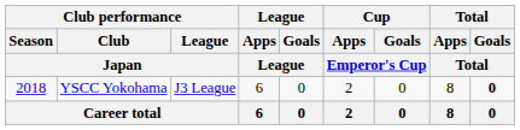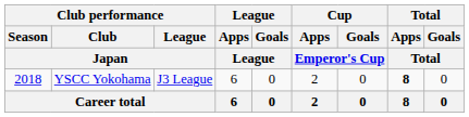 <table class="wikitable" style="text-align:center">
 <tr>
 <th colspan=3>Club performance</th>
 <th colspan=2>League</th>
 <th colspan=2>Cup</th>
 <th colspan=2>Total</th>
 </tr>
 <tr>
 <th>Season</th>
 <th>Club</th>
 <th>League</th>
 <th>Apps</th>
 <th>Goals</th>
 <th>Apps</th>
 <th>Goals</th>
 <th>Apps</th>
 <th>Goals</th>
 </tr>
 <tr>
 <th colspan=3>Japan</th>
 <th colspan=2>League</th>
 <th colspan=2><a href='#'>Emperor's Cup</a></th>
 <th colspan=2>Total</th>
 </tr>
 <tr>
 <td><a href='#'>2018</a></td>
 <td rowspan="1"><a href='#'>YSCC Yokohama</a></td>
 <td rowspan="1"><a href='#'>J3 League</a></td>
 <td>6</td>
 <td>0</td>
 <td>2</td>
 <td>0</td>
-<td>8</td>
-<td><strong>0</strong></td>
+<td><strong>8</strong></td>
+<td>0</td>
 </tr>
 <tr>
 <th colspan=3>Career total</th>
 <th>6</th>
 <th>0</th>
 <th>2</th>
 <th>0</th>
 <th>8</th>
 <th>0</th>
 </tr>
 </table>
